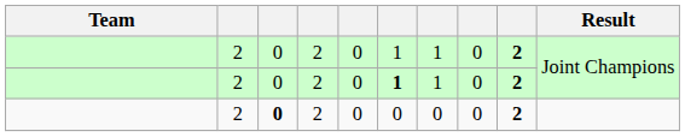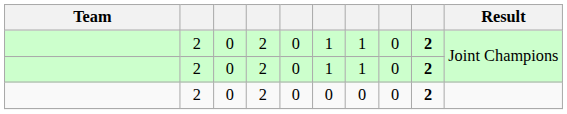 <table class="wikitable" style="text-align:center;">
 <tr>
 <th width=165>Team</th>
 <th width=25></th>
 <th width=25></th>
 <th width=25></th>
 <th width=25></th>
 <th width=25></th>
 <th width=25></th>
 <th width=25></th>
 <th width=25></th>
 <th>Result</th>
 </tr>
 <tr bgcolor="#ccffcc">
 <td style="text-align:left;"></td>
 <td>2</td>
 <td>0</td>
 <td>2</td>
 <td>0</td>
 <td>1</td>
 <td>1</td>
 <td>0</td>
 <td><strong>2</strong></td>
 <td rowspan="2">Joint Champions</td>
 </tr>
 <tr bgcolor="#ccffcc">
 <td style="text-align:left;"></td>
 <td>2</td>
 <td>0</td>
 <td>2</td>
 <td>0</td>
-<td><strong>1</strong></td>
+<td>1</td>
 <td>1</td>
 <td>0</td>
 <td><strong>2</strong></td>
 </tr>
 <tr>
 <td style="text-align:left;"></td>
 <td>2</td>
-<td><strong>0</strong></td>
+<td>0</td>
 <td>2</td>
 <td>0</td>
 <td>0</td>
 <td>0</td>
 <td>0</td>
 <td><strong>2</strong></td>
 <td></td>
 </tr>
 <tr>
 </tr>
 </table>
